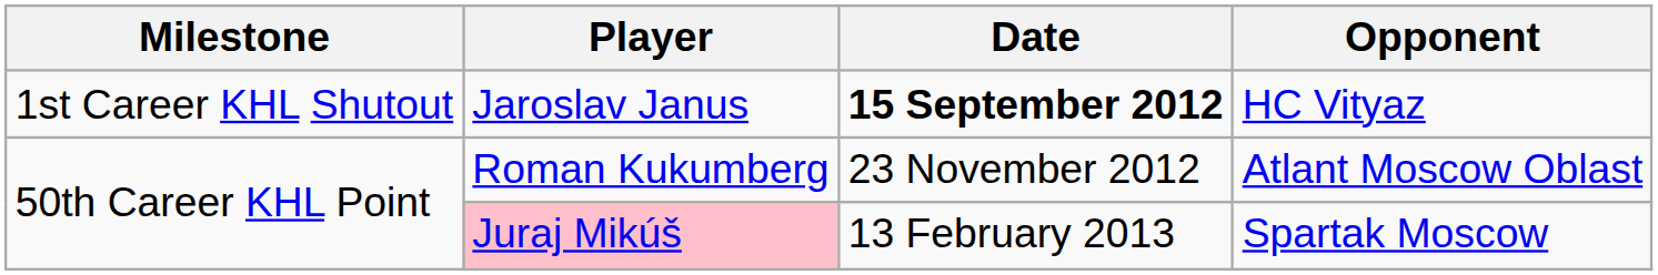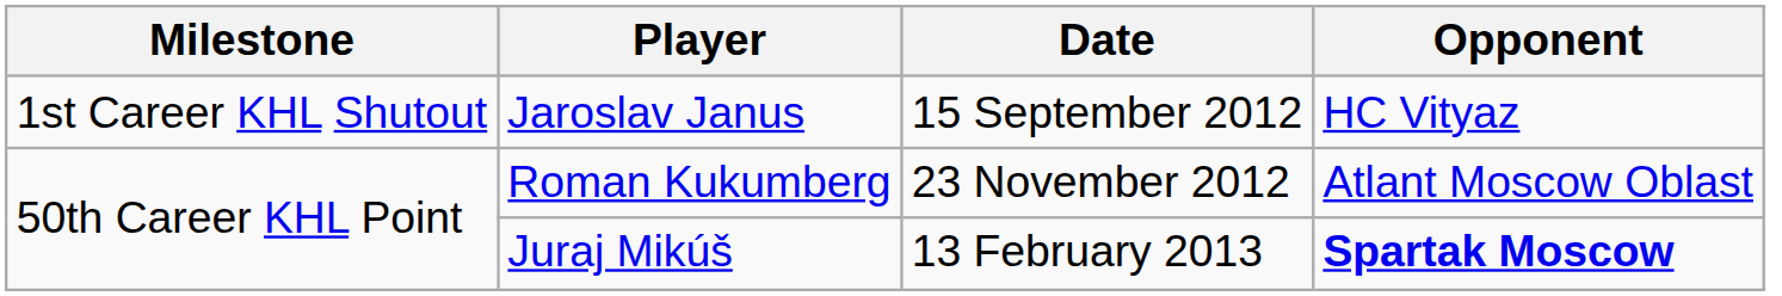 <table class="wikitable">
 <tr>
 <th>Milestone</th>
 <th>Player</th>
 <th>Date</th>
 <th>Opponent</th>
 </tr>
 <tr>
 <td>1st Career <a href='#'>KHL</a> <a href='#'>Shutout</a></td>
 <td> <a href='#'>Jaroslav Janus</a></td>
-<td><strong>15 September 2012</strong></td>
+<td>15 September 2012</td>
 <td><a href='#'>HC Vityaz</a></td>
 </tr>
 <tr>
 <td rowspan=2>50th Career <a href='#'>KHL</a> Point</td>
 <td> <a href='#'>Roman Kukumberg</a></td>
 <td>23 November 2012</td>
 <td><a href='#'>Atlant Moscow Oblast</a></td>
 </tr>
 <tr>
-<td style="background: pink;"> <a href='#'>Juraj Mikúš</a></td>
+<td> <a href='#'>Juraj Mikúš</a></td>
 <td>13 February 2013</td>
-<td><a href='#'>Spartak Moscow</a></td>
+<td><strong><a href='#'>Spartak Moscow</a></strong></td>
 </tr>
 </table>
